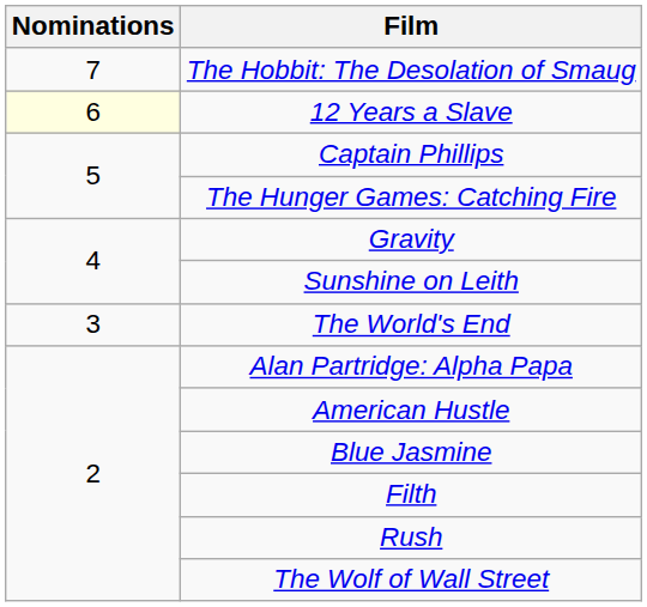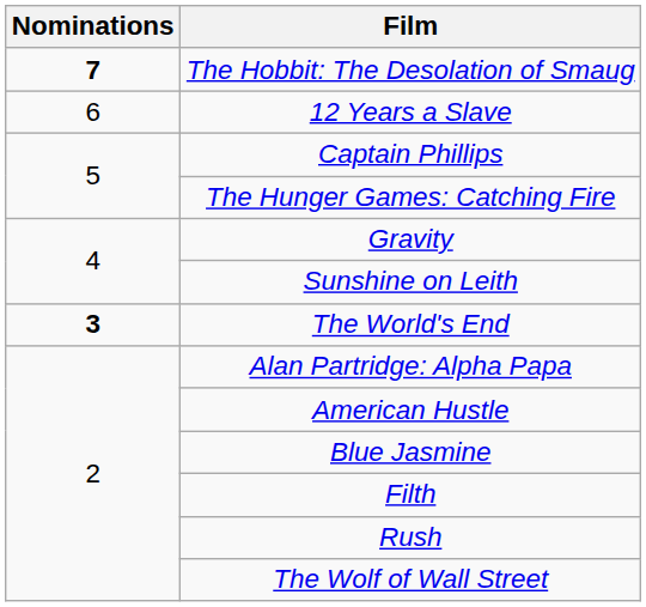 <table class="wikitable" style="text-align: center">
 <tr>
 <th scope="col" width="55">Nominations</th>
 <th scope="col">Film</th>
 </tr>
 <tr>
-<td>7</td>
+<td><strong>7</strong></td>
 <td><em><a href='#'>The Hobbit: The Desolation of Smaug</a></em></td>
 </tr>
 <tr>
-<td style="background: lightyellow;">6</td>
+<td>6</td>
 <td><em><a href='#'>12 Years a Slave</a></em></td>
 </tr>
 <tr>
 <td rowspan=2>5</td>
 <td><em><a href='#'>Captain Phillips</a></em></td>
 </tr>
 <tr>
 <td><em><a href='#'>The Hunger Games: Catching Fire</a></em></td>
 </tr>
 <tr>
 <td rowspan=2>4</td>
 <td><em><a href='#'>Gravity</a></em></td>
 </tr>
 <tr>
 <td><em><a href='#'>Sunshine on Leith</a></em></td>
 </tr>
 <tr>
-<td>3</td>
+<td><strong>3</strong></td>
 <td><em><a href='#'>The World's End</a></em></td>
 </tr>
 <tr>
 <td rowspan=6>2</td>
 <td><em><a href='#'>Alan Partridge: Alpha Papa</a></em></td>
 </tr>
 <tr>
 <td><em><a href='#'>American Hustle</a></em></td>
 </tr>
 <tr>
 <td><em><a href='#'>Blue Jasmine</a></em></td>
 </tr>
 <tr>
 <td><em><a href='#'>Filth</a></em></td>
 </tr>
 <tr>
 <td><em><a href='#'>Rush</a></em></td>
 </tr>
 <tr>
 <td><em><a href='#'>The Wolf of Wall Street</a></em></td>
 </tr>
 </table>
